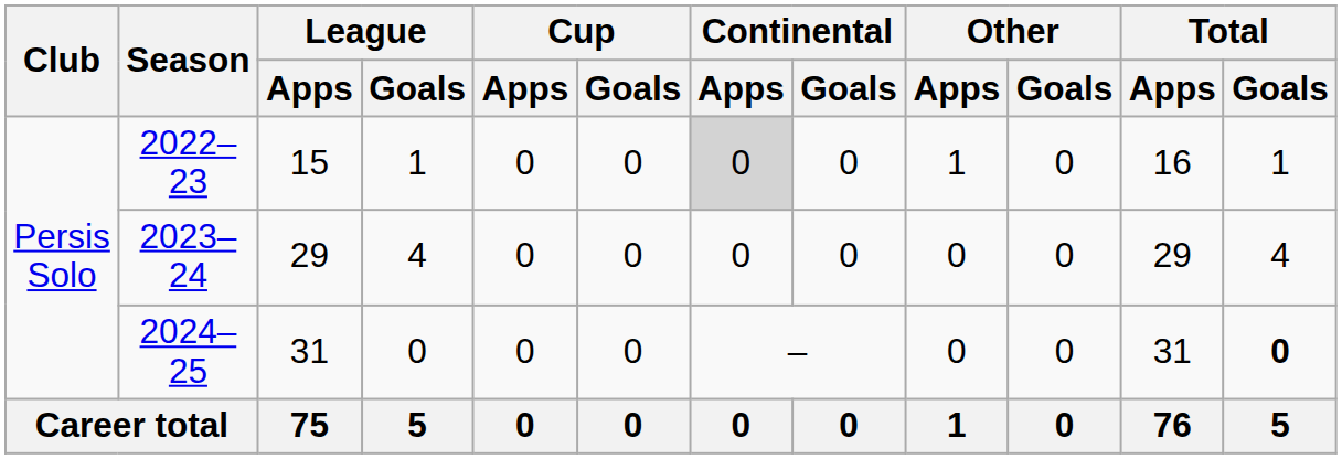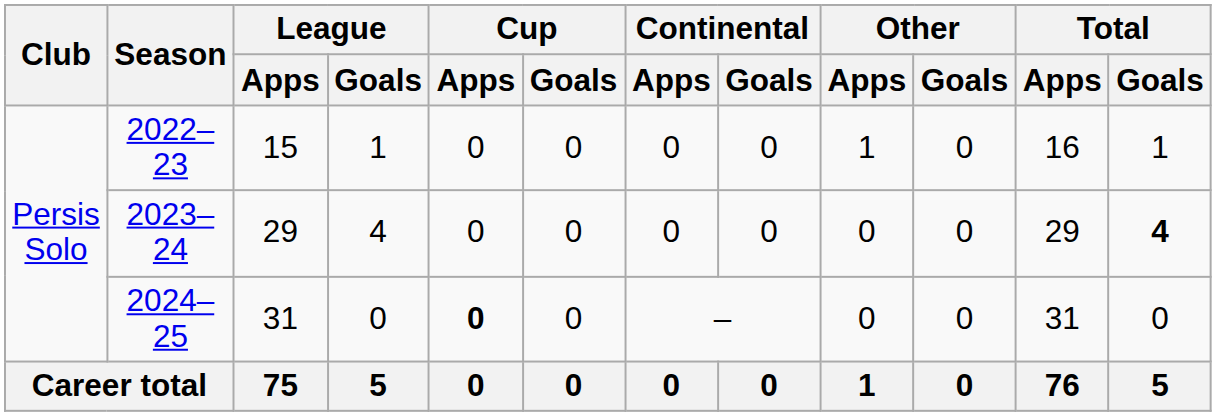 <table class="wikitable" style="text-align: center">
 <tr>
 <th rowspan="2">Club</th>
 <th rowspan="2">Season</th>
 <th colspan="2">League</th>
 <th colspan="2">Cup</th>
 <th colspan="2">Continental</th>
 <th colspan="2">Other</th>
 <th colspan="2">Total</th>
 </tr>
 <tr>
 <th>Apps</th>
 <th>Goals</th>
 <th>Apps</th>
 <th>Goals</th>
 <th>Apps</th>
 <th>Goals</th>
 <th>Apps</th>
 <th>Goals</th>
 <th>Apps</th>
 <th>Goals</th>
 </tr>
 <tr>
 <td rowspan="3"><a href='#'>Persis Solo</a></td>
 <td><a href='#'>2022–23</a></td>
 <td>15</td>
 <td>1</td>
 <td>0</td>
 <td>0</td>
-<td style="background: lightgrey;">0</td>
+<td>0</td>
 <td>0</td>
 <td>1</td>
 <td>0</td>
 <td>16</td>
 <td>1</td>
 </tr>
 <tr>
 <td><a href='#'>2023–24</a></td>
 <td>29</td>
 <td>4</td>
 <td>0</td>
 <td>0</td>
 <td>0</td>
 <td>0</td>
 <td>0</td>
 <td>0</td>
 <td>29</td>
-<td>4</td>
+<td><strong>4</strong></td>
 </tr>
 <tr>
 <td><a href='#'>2024–25</a></td>
 <td>31</td>
 <td>0</td>
-<td>0</td>
+<td><strong>0</strong></td>
 <td>0</td>
 <td colspan="2">–</td>
 <td>0</td>
 <td>0</td>
 <td>31</td>
-<td><strong>0</strong></td>
+<td>0</td>
 </tr>
 <tr>
 <th colspan=2>Career total</th>
 <th>75</th>
 <th>5</th>
 <th>0</th>
 <th>0</th>
 <th>0</th>
 <th>0</th>
 <th>1</th>
 <th>0</th>
 <th>76</th>
 <th>5</th>
 </tr>
 </table>
